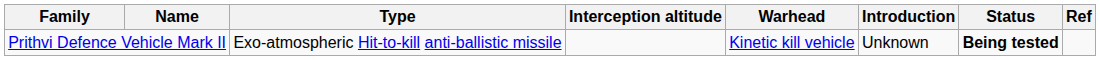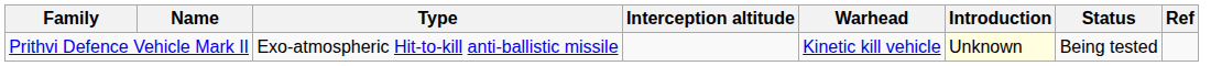 <table class="wikitable sortable" style="text-align:centre">
 <tr>
 <th>Family</th>
 <th>Name</th>
 <th>Type</th>
 <th>Interception altitude</th>
 <th>Warhead</th>
 <th>Introduction</th>
 <th>Status</th>
 <th>Ref</th>
 </tr>
 <tr>
 <td colspan="2"><a href='#'>Prithvi Defence Vehicle Mark II</a></td>
 <td>Exo-atmospheric <a href='#'>Hit-to-kill</a> <a href='#'>anti-ballistic missile</a></td>
 <td></td>
 <td><a href='#'>Kinetic kill vehicle</a></td>
-<td>Unknown</td>
-<td><strong>Being tested</strong></td>
+<td style="background: lightyellow;">Unknown</td>
+<td>Being tested</td>
 <td></td>
 </tr>
 </table>
